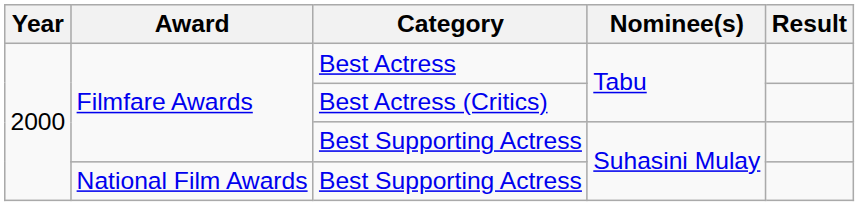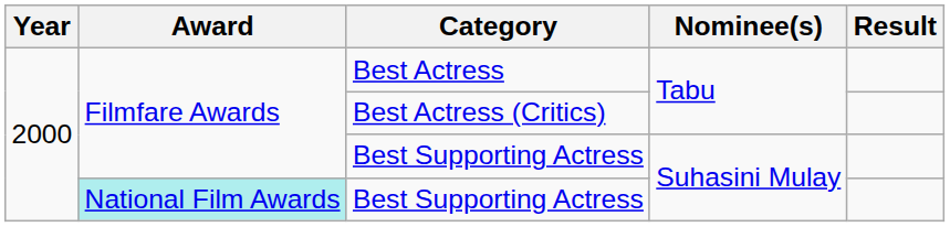 <table class="wikitable plainrowheaders sortable">
 <tr>
 <th scope="col">Year</th>
 <th scope="col">Award</th>
 <th scope="col">Category</th>
 <th scope="col">Nominee(s)</th>
 <th scope="col">Result</th>
 </tr>
 <tr>
 <td rowspan="4">2000</td>
 <td rowspan="3"><a href='#'>Filmfare Awards</a></td>
 <td><a href='#'>Best Actress</a></td>
 <td rowspan="2"><a href='#'>Tabu</a></td>
 <td></td>
 </tr>
 <tr>
 <td><a href='#'>Best Actress (Critics)</a></td>
 <td></td>
 </tr>
 <tr>
 <td><a href='#'>Best Supporting Actress</a></td>
 <td rowspan="2"><a href='#'>Suhasini Mulay</a></td>
 <td></td>
 </tr>
 <tr>
-<td><a href='#'>National Film Awards</a></td>
+<td style="background: paleturquoise;"><a href='#'>National Film Awards</a></td>
 <td><a href='#'>Best Supporting Actress</a></td>
 <td></td>
 </tr>
 </table>
